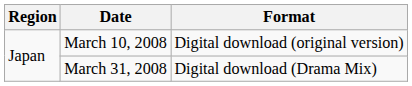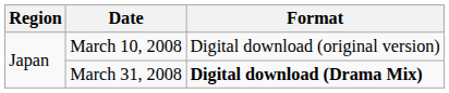 <table class="wikitable">
 <tr>
 <th>Region</th>
 <th>Date</th>
 <th>Format</th>
 </tr>
 <tr>
 <td rowspan="2">Japan</td>
 <td>March 10, 2008</td>
 <td>Digital download (original version)</td>
 </tr>
 <tr>
 <td>March 31, 2008</td>
-<td>Digital download (Drama Mix)</td>
+<td><strong>Digital download (Drama Mix)</strong></td>
 </tr>
 </table>
